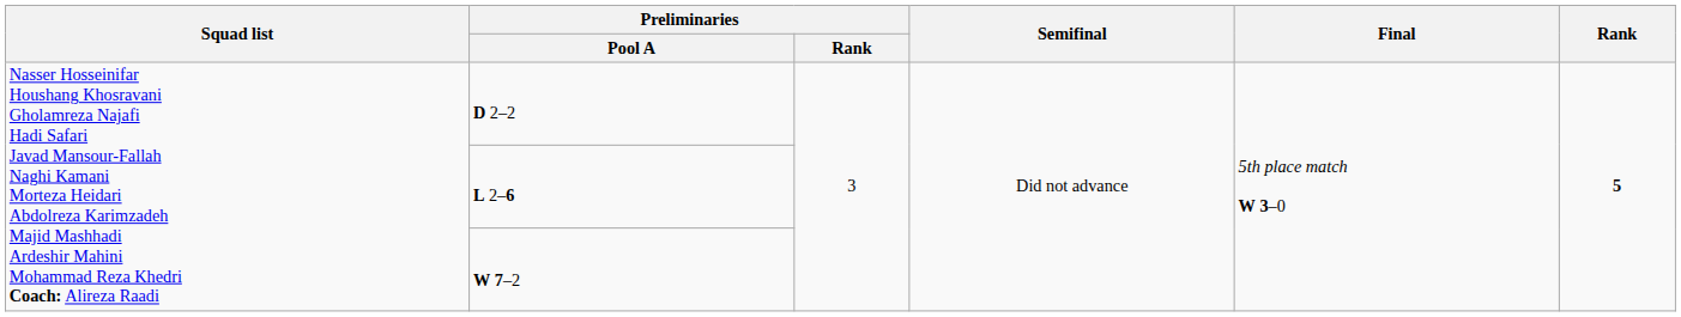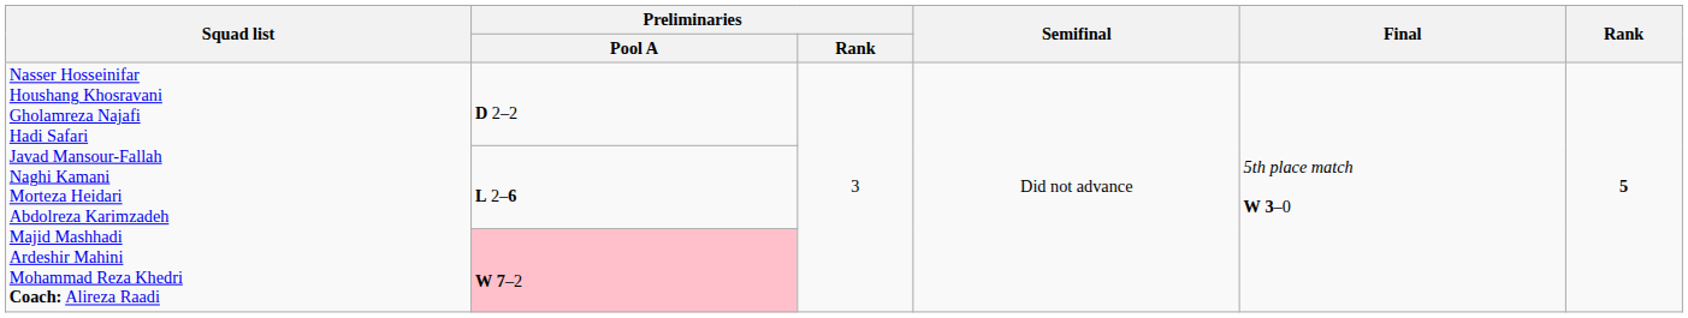 <table class="wikitable" width="71%" style="text-align:left; font-size:90%">
 <tr>
 <th rowspan="2" width="20%">Squad list</th>
 <th colspan="2">Preliminaries</th>
 <th rowspan="2" width="14%">Semifinal</th>
 <th rowspan="2" width="14%">Final</th>
 <th rowspan="2" width="5%">Rank</th>
 </tr>
 <tr>
 <th width="14%">Pool A</th>
 <th width="5%">Rank</th>
 </tr>
 <tr>
 <td rowspan="3"><a href='#'>Nasser Hosseinifar</a><br><a href='#'>Houshang Khosravani</a><br><a href='#'>Gholamreza Najafi</a><br><a href='#'>Hadi Safari</a><br><a href='#'>Javad Mansour-Fallah</a><br><a href='#'>Naghi Kamani</a><br><a href='#'>Morteza Heidari</a><br><a href='#'>Abdolreza Karimzadeh</a><br><a href='#'>Majid Mashhadi</a><br><a href='#'>Ardeshir Mahini</a><br><a href='#'>Mohammad Reza Khedri</a><br><strong>Coach:</strong> <a href='#'>Alireza Raadi</a></td>
 <td><br><strong>D</strong> 2–2</td>
 <td rowspan="3" align=center>3</td>
 <td rowspan="3" align=center>Did not advance</td>
 <td rowspan="3"><em>5th place match</em><br><br><strong>W</strong> <strong>3</strong>–0</td>
 <td rowspan="3" align="center"><strong>5</strong></td>
 </tr>
 <tr>
 <td><br><strong>L</strong> 2–<strong>6</strong></td>
 </tr>
 <tr>
-<td><br><strong>W</strong> <strong>7</strong>–2</td>
+<td style="background: pink;"><br><strong>W</strong> <strong>7</strong>–2</td>
 </tr>
 </table>
